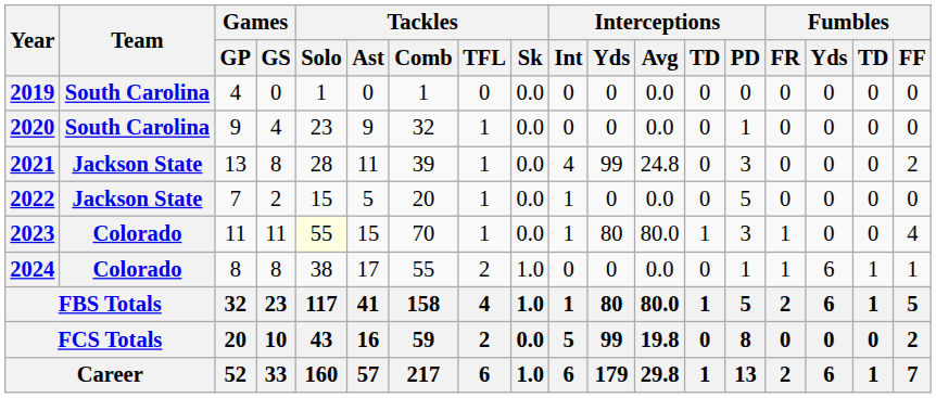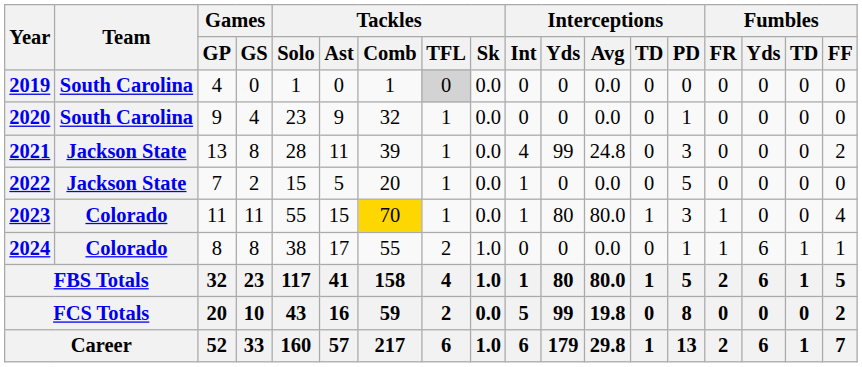 <table class="wikitable" style="text-align:center;">
 <tr>
 <th rowspan="2">Year</th>
 <th rowspan="2">Team</th>
 <th colspan="2">Games</th>
 <th colspan="5">Tackles</th>
 <th colspan="5">Interceptions</th>
 <th colspan="4">Fumbles</th>
 </tr>
 <tr>
 <th>GP</th>
 <th>GS</th>
 <th>Solo</th>
 <th>Ast</th>
 <th>Comb</th>
 <th>TFL</th>
 <th>Sk</th>
 <th>Int</th>
 <th>Yds</th>
 <th>Avg</th>
 <th>TD</th>
 <th>PD</th>
 <th>FR</th>
 <th>Yds</th>
 <th>TD</th>
 <th>FF</th>
 </tr>
 <tr>
 <th><a href='#'>2019</a></th>
 <th><a href='#'>South Carolina</a></th>
 <td>4</td>
 <td>0</td>
 <td>1</td>
 <td>0</td>
 <td>1</td>
-<td>0</td>
+<td style="background: lightgrey;">0</td>
 <td>0.0</td>
 <td>0</td>
 <td>0</td>
 <td>0.0</td>
 <td>0</td>
 <td>0</td>
 <td>0</td>
 <td>0</td>
 <td>0</td>
 <td>0</td>
 </tr>
 <tr>
 <th><a href='#'>2020</a></th>
 <th><a href='#'>South Carolina</a></th>
 <td>9</td>
 <td>4</td>
 <td>23</td>
 <td>9</td>
 <td>32</td>
 <td>1</td>
 <td>0.0</td>
 <td>0</td>
 <td>0</td>
 <td>0.0</td>
 <td>0</td>
 <td>1</td>
 <td>0</td>
 <td>0</td>
 <td>0</td>
 <td>0</td>
 </tr>
 <tr>
 <th><a href='#'>2021</a></th>
 <th><a href='#'>Jackson State</a></th>
 <td>13</td>
 <td>8</td>
 <td>28</td>
 <td>11</td>
 <td>39</td>
 <td>1</td>
 <td>0.0</td>
 <td>4</td>
 <td>99</td>
 <td>24.8</td>
 <td>0</td>
 <td>3</td>
 <td>0</td>
 <td>0</td>
 <td>0</td>
 <td>2</td>
 </tr>
 <tr>
 <th><a href='#'>2022</a></th>
 <th><a href='#'>Jackson State</a></th>
 <td>7</td>
 <td>2</td>
 <td>15</td>
 <td>5</td>
 <td>20</td>
 <td>1</td>
 <td>0.0</td>
 <td>1</td>
 <td>0</td>
 <td>0.0</td>
 <td>0</td>
 <td>5</td>
 <td>0</td>
 <td>0</td>
 <td>0</td>
 <td>0</td>
 </tr>
 <tr>
 <th><a href='#'>2023</a></th>
 <th><a href='#'>Colorado</a></th>
 <td>11</td>
 <td>11</td>
-<td style="background: lightyellow;">55</td>
+<td>55</td>
 <td>15</td>
-<td>70</td>
+<td style="background: gold;">70</td>
 <td>1</td>
 <td>0.0</td>
 <td>1</td>
 <td>80</td>
 <td>80.0</td>
 <td>1</td>
 <td>3</td>
 <td>1</td>
 <td>0</td>
 <td>0</td>
 <td>4</td>
 </tr>
 <tr>
 <th><a href='#'>2024</a></th>
 <th><a href='#'>Colorado</a></th>
 <td>8</td>
 <td>8</td>
 <td>38</td>
 <td>17</td>
 <td>55</td>
 <td>2</td>
 <td>1.0</td>
 <td>0</td>
 <td>0</td>
 <td>0.0</td>
 <td>0</td>
 <td>1</td>
 <td>1</td>
 <td>6</td>
 <td>1</td>
 <td>1</td>
 </tr>
 <tr>
 <th colspan="2"><a href='#'>FBS Totals</a></th>
 <th>32</th>
 <th>23</th>
 <th>117</th>
 <th>41</th>
 <th>158</th>
 <th>4</th>
 <th>1.0</th>
 <th>1</th>
 <th>80</th>
 <th>80.0</th>
 <th>1</th>
 <th>5</th>
 <th>2</th>
 <th>6</th>
 <th>1</th>
 <th>5</th>
 </tr>
 <tr>
 <th colspan="2"><a href='#'>FCS Totals</a></th>
 <th>20</th>
 <th>10</th>
 <th>43</th>
 <th>16</th>
 <th>59</th>
 <th>2</th>
 <th>0.0</th>
 <th>5</th>
 <th>99</th>
 <th>19.8</th>
 <th>0</th>
 <th>8</th>
 <th>0</th>
 <th>0</th>
 <th>0</th>
 <th>2</th>
 </tr>
 <tr>
 <th colspan="2">Career</th>
 <th>52</th>
 <th>33</th>
 <th>160</th>
 <th>57</th>
 <th>217</th>
 <th>6</th>
 <th>1.0</th>
 <th>6</th>
 <th>179</th>
 <th>29.8</th>
 <th>1</th>
 <th>13</th>
 <th>2</th>
 <th>6</th>
 <th>1</th>
 <th>7</th>
 </tr>
 </table>
